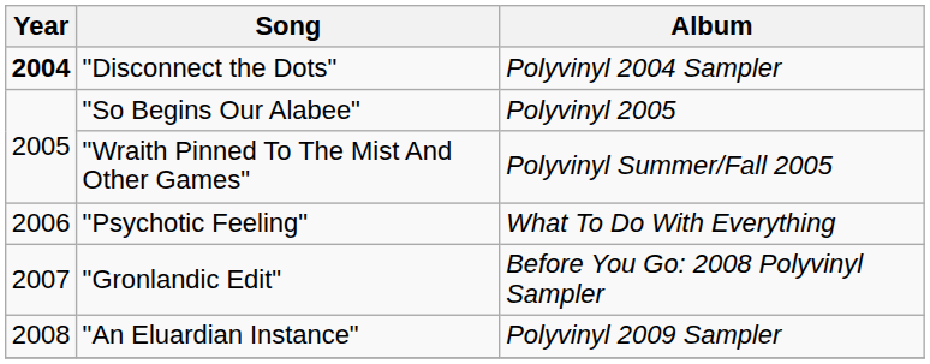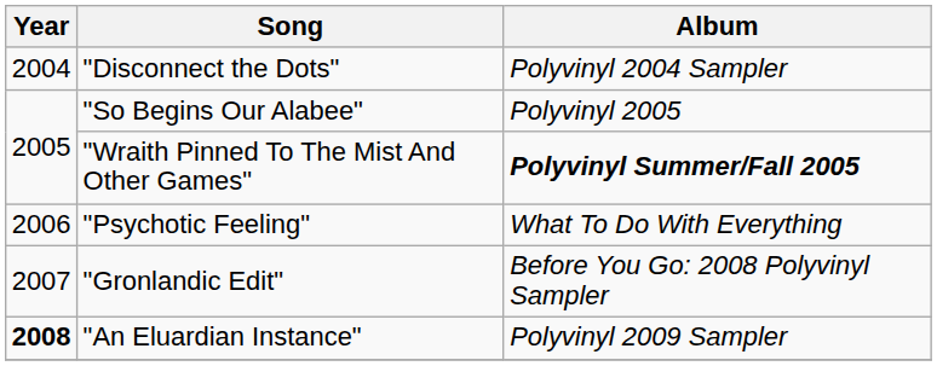 <table class="wikitable">
 <tr>
 <th width="33">Year</th>
 <th width="250">Song</th>
 <th width="250">Album</th>
 </tr>
 <tr>
-<td align="center"><strong>2004</strong></td>
+<td align="center">2004</td>
 <td>"Disconnect the Dots"</td>
 <td><em>Polyvinyl 2004 Sampler</em></td>
 </tr>
 <tr>
 <td align="center" rowspan="2">2005</td>
 <td>"So Begins Our Alabee"</td>
 <td><em>Polyvinyl 2005</em></td>
 </tr>
 <tr>
 <td>"Wraith Pinned To The Mist And Other Games"</td>
-<td><em>Polyvinyl Summer/Fall 2005</em></td>
+<td><strong><em>Polyvinyl Summer/Fall 2005</em></strong></td>
 </tr>
 <tr>
 <td align="center">2006</td>
 <td>"Psychotic Feeling"</td>
 <td><em>What To Do With Everything</em></td>
 </tr>
 <tr>
 <td align="center">2007</td>
 <td>"Gronlandic Edit"</td>
 <td><em>Before You Go: 2008 Polyvinyl Sampler</em></td>
 </tr>
 <tr>
-<td align="center">2008</td>
+<td align="center"><strong>2008</strong></td>
 <td>"An Eluardian Instance"</td>
 <td><em>Polyvinyl 2009 Sampler</em></td>
 </tr>
 <tr>
 </tr>
 </table>
